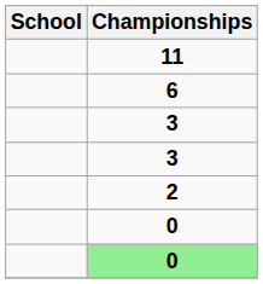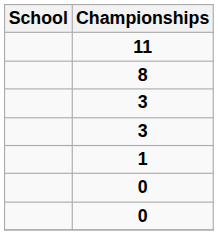 <table class="wikitable sortable" style="text-align:center">
 <tr>
 <th>School</th>
 <th>Championships</th>
 </tr>
 <tr>
 <td><strong><a href='#'></a></strong></td>
 <td><strong>11</strong></td>
 </tr>
 <tr>
 <td><strong><a href='#'></a></strong></td>
-<td><strong>6</strong></td>
+<td><strong>8</strong></td>
 </tr>
 <tr>
 <td><strong><a href='#'></a></strong></td>
 <td><strong>3</strong></td>
 </tr>
 <tr>
 <td><strong><a href='#'></a></strong></td>
 <td><strong>3</strong></td>
 </tr>
 <tr>
 <td><strong><a href='#'></a></strong></td>
-<td><strong>2</strong></td>
+<td><strong>1</strong></td>
 </tr>
 <tr>
 <td><strong><a href='#'></a></strong></td>
 <td><strong>0</strong></td>
 </tr>
 <tr>
 <td><strong><a href='#'></a></strong></td>
-<td style="background: lightgreen;"><strong>0</strong></td>
+<td><strong>0</strong></td>
 </tr>
 <tr>
 </tr>
 </table>
